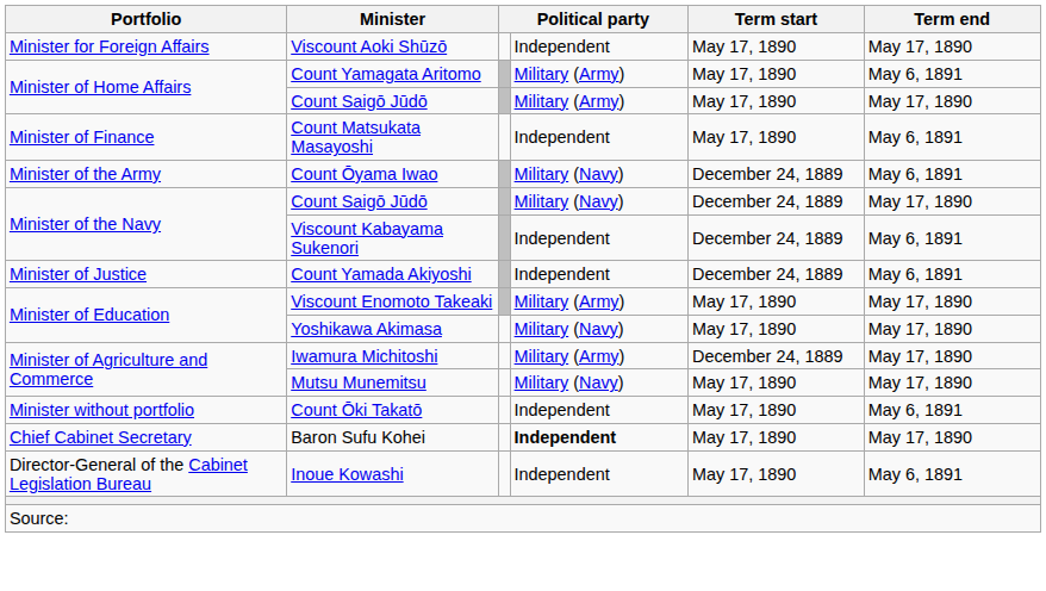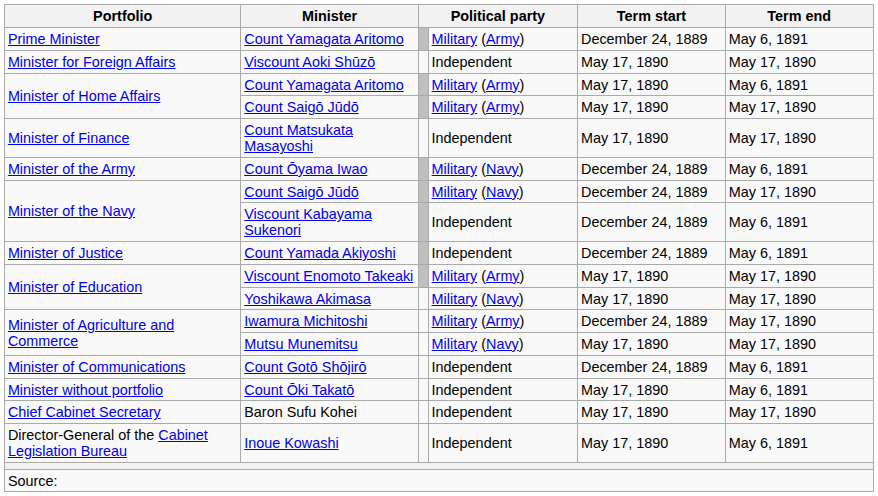 <table class="wikitable" style="font-size: 90%;">
 <tr>
 <th scope="col" width="20%">Portfolio</th>
 <th scope="col" width="15%">Minister</th>
 <th scope="col" width="13.5%" colspan=2>Political party</th>
 <th scope="col" width="12.5%">Term start</th>
 <th scope="col" width="12.5%">Term end</th>
+</tr>
+<tr>
+<td style="text-align: left;"><a href='#'>Prime Minister</a></td>
+<td><a href='#'>Count Yamagata Aritomo</a></td>
+<td style="color:inherit;background:#bfbfbf"></td>
+<td><a href='#'>Military</a> (<a href='#'>Army</a>)</td>
+<td>December 24, 1889</td>
+<td>May 6, 1891</td>
 </tr>
 <tr>
 <td><a href='#'>Minister for Foreign Affairs</a></td>
 <td><a href='#'>Viscount Aoki Shūzō</a></td>
 <td style="color:inherit;background:"></td>
 <td>Independent</td>
 <td>May 17, 1890</td>
 <td>May 17, 1890</td>
 </tr>
 <tr>
 <td rowspan="2"><a href='#'>Minister of Home Affairs</a></td>
 <td><a href='#'>Count Yamagata Aritomo</a></td>
 <td style="color:inherit;background:#bfbfbf"></td>
 <td><a href='#'>Military</a> (<a href='#'>Army</a>)</td>
 <td>May 17, 1890</td>
 <td>May 6, 1891</td>
 </tr>
 <tr>
 <td><a href='#'>Count Saigō Jūdō</a></td>
 <td style="color:inherit;background:#bfbfbf"></td>
 <td><a href='#'>Military</a> (<a href='#'>Army</a>)</td>
 <td>May 17, 1890</td>
 <td>May 17, 1890</td>
 </tr>
 <tr>
 <td><a href='#'>Minister of Finance</a></td>
 <td><a href='#'>Count Matsukata Masayoshi</a></td>
 <td style="color:inherit;background:"></td>
 <td>Independent</td>
 <td>May 17, 1890</td>
-<td>May 6, 1891</td>
+<td>May 17, 1890</td>
 </tr>
 <tr>
 <td><a href='#'>Minister of the Army</a></td>
 <td><a href='#'>Count Ōyama Iwao</a></td>
 <td style="color:inherit;background:#bfbfbf"></td>
 <td><a href='#'>Military</a> (<a href='#'>Navy</a>)</td>
 <td>December 24, 1889</td>
 <td>May 6, 1891</td>
 </tr>
 <tr>
 <td rowspan="2"><a href='#'>Minister of the Navy</a></td>
 <td><a href='#'>Count Saigō Jūdō</a></td>
 <td style="color:inherit;background:#bfbfbf"></td>
 <td><a href='#'>Military</a> (<a href='#'>Navy</a>)</td>
 <td>December 24, 1889</td>
 <td>May 17, 1890</td>
 </tr>
 <tr>
 <td><a href='#'>Viscount Kabayama Sukenori</a></td>
 <td style="color:inherit;background:#bfbfbf"></td>
 <td>Independent</td>
 <td>December 24, 1889</td>
 <td>May 6, 1891</td>
 </tr>
 <tr>
 <td><a href='#'>Minister of Justice</a></td>
 <td><a href='#'>Count Yamada Akiyoshi</a></td>
 <td style="color:inherit;background:#bfbfbf"></td>
 <td>Independent</td>
 <td>December 24, 1889</td>
 <td>May 6, 1891</td>
 </tr>
 <tr>
 <td rowspan="2"><a href='#'>Minister of Education</a></td>
 <td><a href='#'>Viscount Enomoto Takeaki</a></td>
 <td style="color:inherit;background:#bfbfbf"></td>
 <td><a href='#'>Military</a> (<a href='#'>Army</a>)</td>
 <td>May 17, 1890</td>
 <td>May 17, 1890</td>
 </tr>
 <tr>
 <td><a href='#'>Yoshikawa Akimasa</a></td>
 <td style="color:inherit;background:"></td>
 <td><a href='#'>Military</a> (<a href='#'>Navy</a>)</td>
 <td>May 17, 1890</td>
 <td>May 17, 1890</td>
 </tr>
 <tr>
 <td rowspan="2"><a href='#'>Minister of Agriculture and Commerce</a></td>
 <td><a href='#'>Iwamura Michitoshi</a></td>
 <td style="color:inherit;background:"></td>
 <td><a href='#'>Military</a> (<a href='#'>Army</a>)</td>
 <td>December 24, 1889</td>
 <td>May 17, 1890</td>
 </tr>
 <tr>
 <td><a href='#'>Mutsu Munemitsu</a></td>
 <td style="color:inherit;background:"></td>
 <td><a href='#'>Military</a> (<a href='#'>Navy</a>)</td>
 <td>May 17, 1890</td>
 <td>May 17, 1890</td>
 </tr>
 <tr>
+<td><a href='#'>Minister of Communications</a></td>
+<td><a href='#'>Count Gotō Shōjirō</a></td>
+<td style="color:inherit;background:"></td>
+<td>Independent</td>
+<td>December 24, 1889</td>
+<td>May 6, 1891</td>
+</tr>
+<tr>
 <td><a href='#'>Minister without portfolio</a></td>
 <td><a href='#'>Count Ōki Takatō</a></td>
 <td style="color:inherit;background:"></td>
 <td>Independent</td>
 <td>May 17, 1890</td>
 <td>May 6, 1891</td>
 </tr>
 <tr>
 <td><a href='#'>Chief Cabinet Secretary</a></td>
 <td>Baron Sufu Kohei</td>
 <td style="color:inherit;background:"></td>
-<td><strong>Independent</strong></td>
+<td>Independent</td>
 <td>May 17, 1890</td>
 <td>May 17, 1890</td>
 </tr>
 <tr>
 <td>Director-General of the <a href='#'>Cabinet Legislation Bureau</a></td>
 <td><a href='#'>Inoue Kowashi</a></td>
 <td style="color:inherit;background:"></td>
 <td>Independent</td>
 <td>May 17, 1890</td>
 <td>May 6, 1891</td>
 </tr>
 <tr>
 <th colspan="6"></th>
 </tr>
 <tr>
 <td colspan="6">Source:</td>
 </tr>
 </table>
